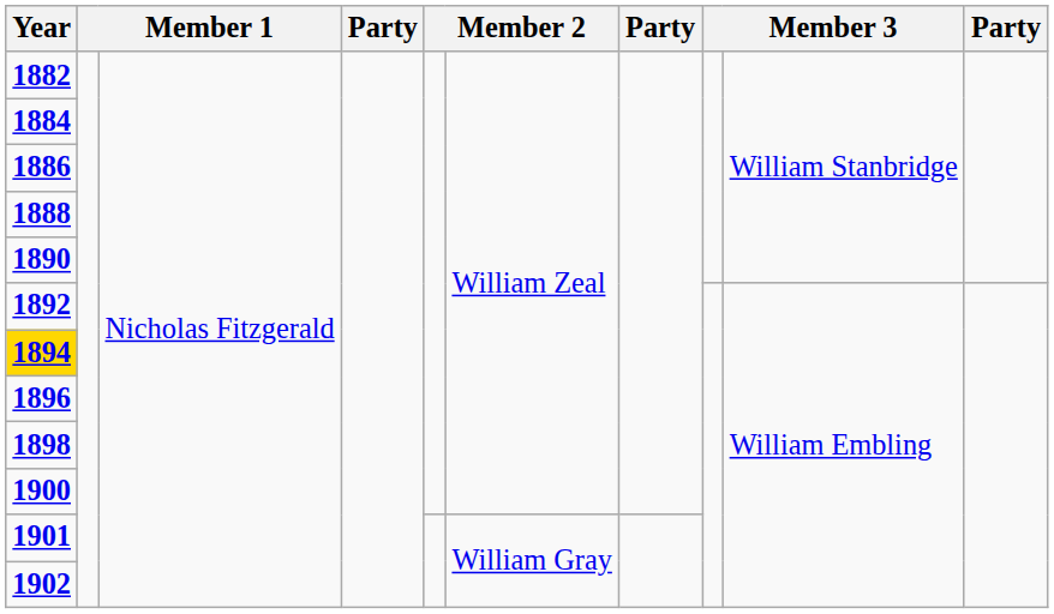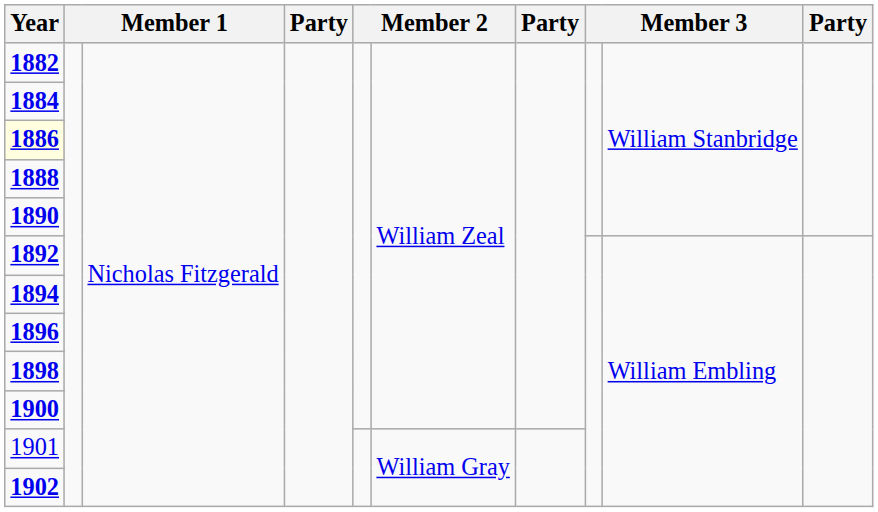 <table class="wikitable">
 <tr>
 <th>Year</th>
 <th colspan=2>Member 1</th>
 <th>Party</th>
 <th colspan=2>Member 2</th>
 <th>Party</th>
 <th colspan=2>Member 3</th>
 <th>Party</th>
 </tr>
 <tr>
 <td><strong><a href='#'>1882</a></strong></td>
 <td rowspan=12 > </td>
 <td rowspan=12><a href='#'>Nicholas Fitzgerald</a></td>
 <td rowspan=12> </td>
 <td rowspan=10 > </td>
 <td rowspan=10><a href='#'>William Zeal</a></td>
 <td rowspan=10> </td>
 <td rowspan=5 > </td>
 <td rowspan=5><a href='#'>William Stanbridge</a></td>
 <td rowspan=5> </td>
 </tr>
 <tr>
 <td><strong><a href='#'>1884</a></strong></td>
 </tr>
 <tr>
-<td><strong><a href='#'>1886</a></strong></td>
+<td style="background: lightyellow;"><strong><a href='#'>1886</a></strong></td>
 </tr>
 <tr>
 <td><strong><a href='#'>1888</a></strong></td>
 </tr>
 <tr>
 <td><strong><a href='#'>1890</a></strong></td>
 </tr>
 <tr>
 <td><strong><a href='#'>1892</a></strong></td>
 <td rowspan=7 > </td>
 <td rowspan=7><a href='#'>William Embling</a></td>
 <td rowspan=7> </td>
 </tr>
 <tr>
-<td style="background: gold;"><strong><a href='#'>1894</a></strong></td>
+<td><strong><a href='#'>1894</a></strong></td>
 </tr>
 <tr>
 <td><strong><a href='#'>1896</a></strong></td>
 </tr>
 <tr>
 <td><strong><a href='#'>1898</a></strong></td>
 </tr>
 <tr>
 <td><strong><a href='#'>1900</a></strong></td>
 </tr>
 <tr>
-<td><strong><a href='#'>1901</a></strong></td>
+<td><a href='#'>1901</a></td>
 <td rowspan=2 > </td>
 <td rowspan=2><a href='#'>William Gray</a></td>
 <td rowspan=2> </td>
 </tr>
 <tr>
 <td><strong><a href='#'>1902</a></strong></td>
 </tr>
 </table>
